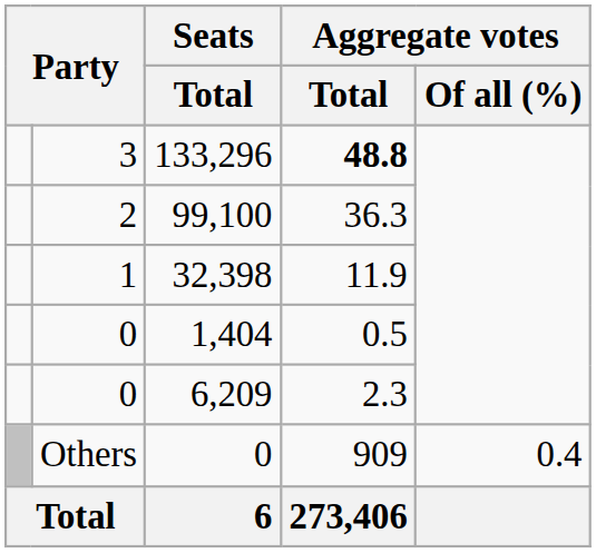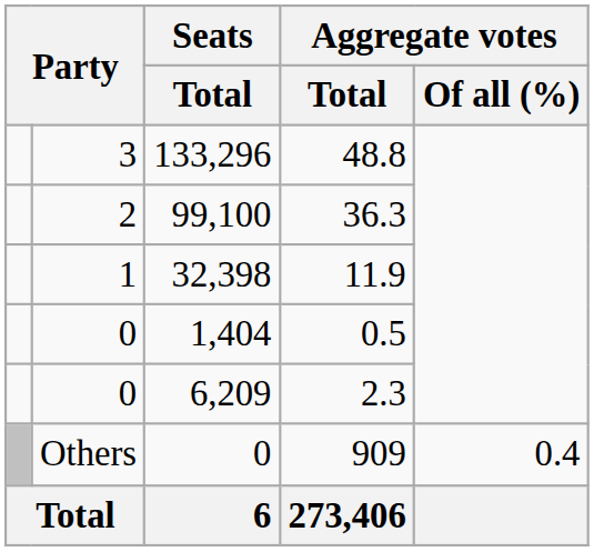 <table class="wikitable" style="text-align:right; font-size:95%;">
 <tr>
 <th colspan="2" rowspan="2">Party</th>
 <th>Seats</th>
 <th colspan="2">Aggregate votes</th>
 </tr>
 <tr>
 <th>Total</th>
 <th>Total</th>
 <th>Of all (%)</th>
 </tr>
 <tr>
 <td></td>
 <td>3</td>
 <td>133,296</td>
-<td><strong>48.8</strong></td>
+<td>48.8</td>
 </tr>
 <tr>
 <td></td>
 <td>2</td>
 <td>99,100</td>
 <td>36.3</td>
 </tr>
 <tr>
 <td></td>
 <td>1</td>
 <td>32,398</td>
 <td>11.9</td>
 </tr>
 <tr>
 <td></td>
 <td>0</td>
 <td>1,404</td>
 <td>0.5</td>
 </tr>
 <tr>
 <td></td>
 <td>0</td>
 <td>6,209</td>
 <td>2.3</td>
 </tr>
 <tr>
 <td style="background:silver;"> </td>
 <td align=left>Others</td>
 <td>0</td>
 <td>909</td>
 <td>0.4</td>
 </tr>
 <tr>
 <th colspan="2" style="background:#f2f2f2"><strong>Total</strong></th>
 <td style="background:#f2f2f2;"><strong>6</strong></td>
 <td style="background:#f2f2f2;"><strong>273,406</strong></td>
 <td style="background:#f2f2f2;"></td>
 </tr>
 </table>
